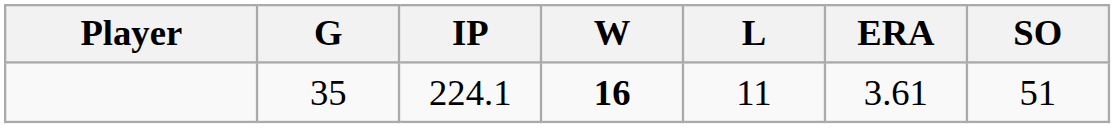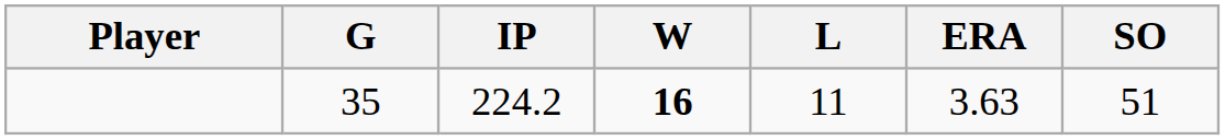 <table class="wikitable sortable">
 <tr>
 <th bgcolor="#DDDDFF" width="16%">Player</th>
 <th bgcolor="#DDDDFF" width="9%">G</th>
 <th bgcolor="#DDDDFF" width="9%">IP</th>
 <th bgcolor="#DDDDFF" width="9%">W</th>
 <th bgcolor="#DDDDFF" width="9%">L</th>
 <th bgcolor="#DDDDFF" width="9%">ERA</th>
 <th bgcolor="#DDDDFF" width="9%">SO</th>
 </tr>
 <tr align="center">
 <td></td>
 <td>35</td>
-<td>224.1</td>
+<td>224.2</td>
 <td><strong>16</strong></td>
 <td>11</td>
-<td>3.61</td>
+<td>3.63</td>
 <td>51</td>
 </tr>
 </table>
